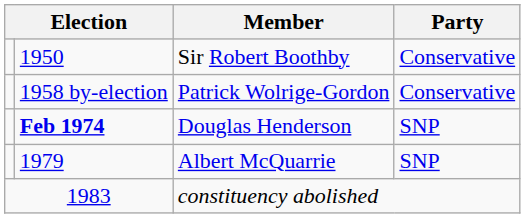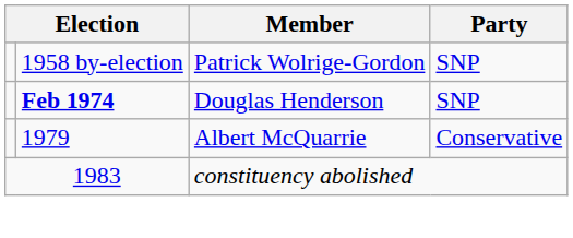 <table class="wikitable">
 <tr>
 <th colspan="2">Election</th>
 <th>Member</th>
 <th>Party</th>
 </tr>
 <tr>
 <td style="color:inherit;background-color: "></td>
-<td><a href='#'>1950</a></td>
-<td>Sir <a href='#'>Robert Boothby</a></td>
-<td><a href='#'>Conservative</a></td>
-</tr>
-<tr>
-<td style="color:inherit;background-color: "></td>
 <td><a href='#'>1958 by-election</a></td>
 <td><a href='#'>Patrick Wolrige-Gordon</a></td>
-<td><a href='#'>Conservative</a></td>
+<td><a href='#'>SNP</a></td>
 </tr>
 <tr>
 <td style="color:inherit;background-color: "></td>
 <td><strong><a href='#'>Feb 1974</a></strong></td>
 <td><a href='#'>Douglas Henderson</a></td>
 <td><a href='#'>SNP</a></td>
 </tr>
 <tr>
 <td style="color:inherit;background-color: "></td>
 <td><a href='#'>1979</a></td>
 <td><a href='#'>Albert McQuarrie</a></td>
-<td><a href='#'>SNP</a></td>
+<td><a href='#'>Conservative</a></td>
 </tr>
 <tr>
 <td colspan="2" align="center"><a href='#'>1983</a></td>
 <td colspan="2"><em>constituency abolished</em></td>
 </tr>
 </table>
